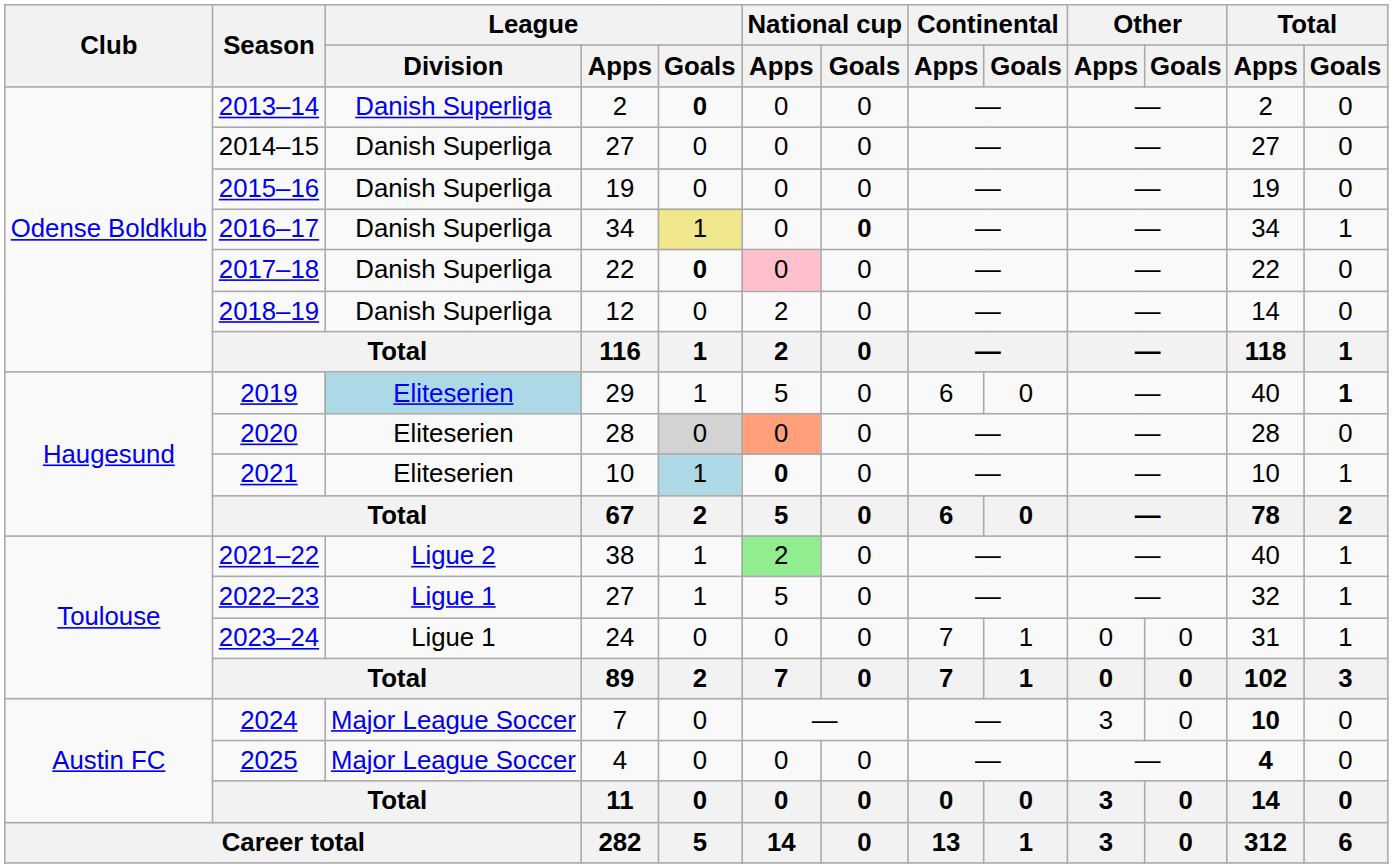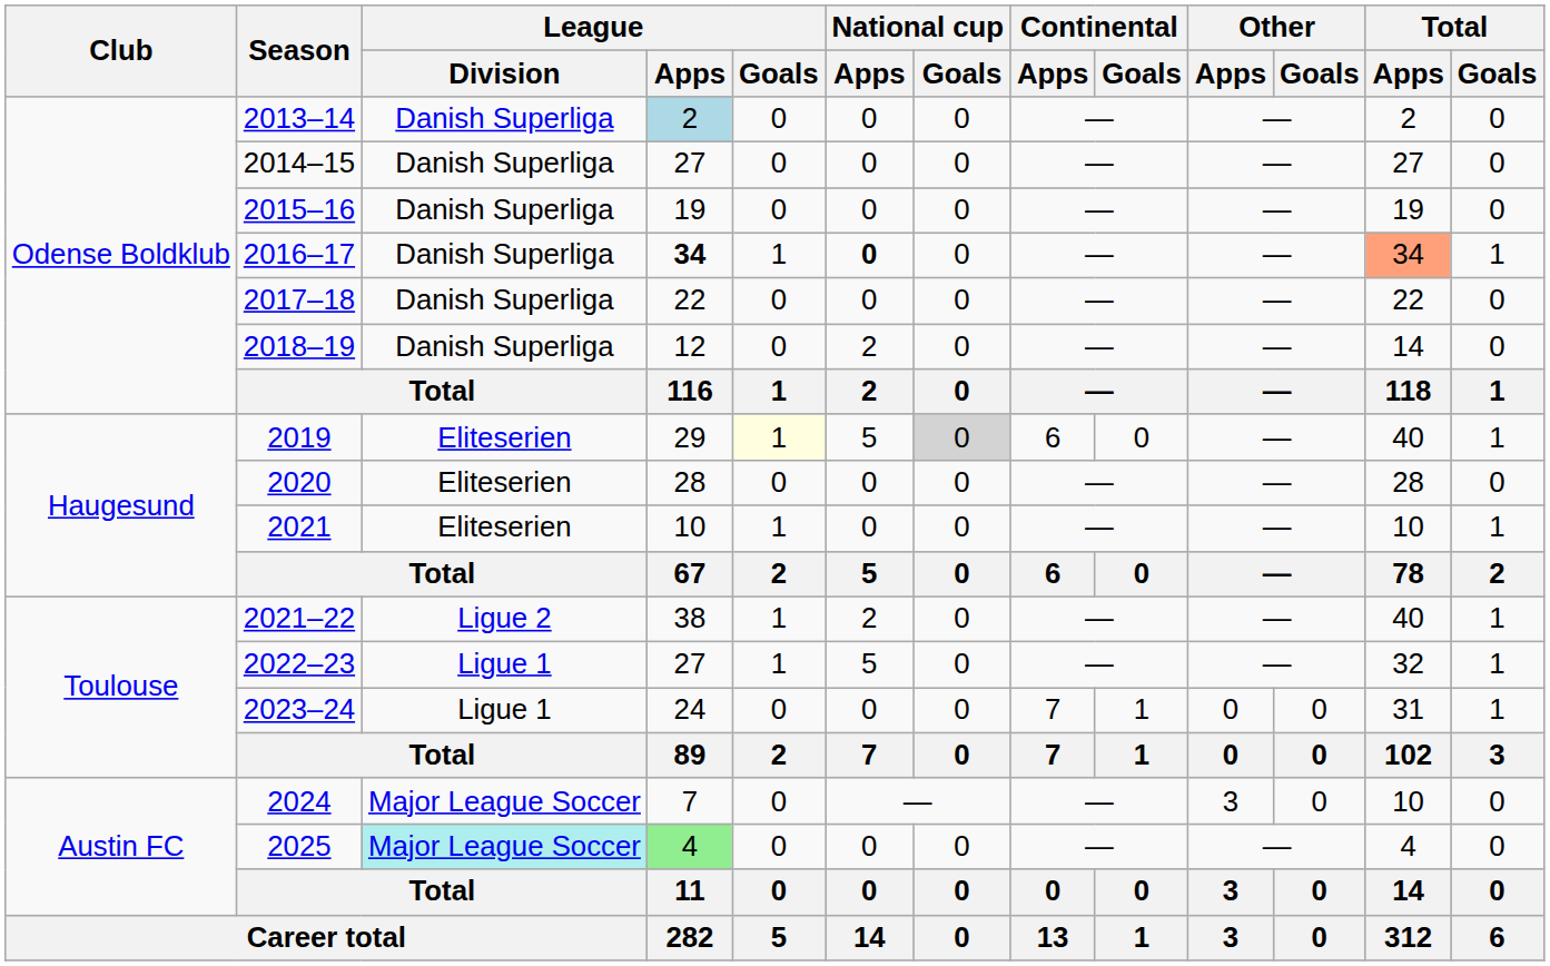 <table class="wikitable" style="text-align: center;">
 <tr>
 <th rowspan="2">Club</th>
 <th rowspan="2">Season</th>
 <th colspan="3">League</th>
 <th colspan="2">National cup</th>
 <th colspan="2">Continental</th>
 <th colspan="2">Other</th>
 <th colspan="2">Total</th>
 </tr>
 <tr>
 <th>Division</th>
 <th>Apps</th>
 <th>Goals</th>
 <th>Apps</th>
 <th>Goals</th>
 <th>Apps</th>
 <th>Goals</th>
 <th>Apps</th>
 <th>Goals</th>
 <th>Apps</th>
 <th>Goals</th>
 </tr>
 <tr>
 <td rowspan="7"><a href='#'>Odense Boldklub</a></td>
 <td><a href='#'>2013–14</a></td>
 <td><a href='#'>Danish Superliga</a></td>
-<td>2</td>
-<td><strong>0</strong></td>
+<td style="background: lightblue;">2</td>
+<td>0</td>
 <td>0</td>
 <td>0</td>
 <td colspan="2">—</td>
 <td colspan="2">—</td>
 <td>2</td>
 <td>0</td>
 </tr>
 <tr>
 <td>2014–15</td>
 <td>Danish Superliga</td>
 <td>27</td>
 <td>0</td>
 <td>0</td>
 <td>0</td>
 <td colspan="2">—</td>
 <td colspan="2">—</td>
 <td>27</td>
 <td>0</td>
 </tr>
 <tr>
 <td><a href='#'>2015–16</a></td>
 <td>Danish Superliga</td>
 <td>19</td>
 <td>0</td>
 <td>0</td>
 <td>0</td>
 <td colspan="2">—</td>
 <td colspan="2">—</td>
 <td>19</td>
 <td>0</td>
 </tr>
 <tr>
 <td><a href='#'>2016–17</a></td>
 <td>Danish Superliga</td>
-<td>34</td>
-<td style="background: khaki;">1</td>
+<td><strong>34</strong></td>
+<td>1</td>
+<td><strong>0</strong></td>
 <td>0</td>
-<td><strong>0</strong></td>
 <td colspan="2">—</td>
 <td colspan="2">—</td>
-<td>34</td>
+<td style="background: lightsalmon;">34</td>
 <td>1</td>
 </tr>
 <tr>
 <td><a href='#'>2017–18</a></td>
 <td>Danish Superliga</td>
 <td>22</td>
-<td><strong>0</strong></td>
-<td style="background: pink;">0</td>
+<td>0</td>
+<td>0</td>
 <td>0</td>
 <td colspan="2">—</td>
 <td colspan="2">—</td>
 <td>22</td>
 <td>0</td>
 </tr>
 <tr>
 <td><a href='#'>2018–19</a></td>
 <td>Danish Superliga</td>
 <td>12</td>
 <td>0</td>
 <td>2</td>
 <td>0</td>
 <td colspan="2">—</td>
 <td colspan="2">—</td>
 <td>14</td>
 <td>0</td>
 </tr>
 <tr>
 <th colspan="2">Total</th>
 <th>116</th>
 <th>1</th>
 <th>2</th>
 <th>0</th>
 <th colspan="2">—</th>
 <th colspan="2">—</th>
 <th>118</th>
 <th>1</th>
 </tr>
 <tr>
 <td rowspan="4"><a href='#'>Haugesund</a></td>
 <td><a href='#'>2019</a></td>
-<td style="background: lightblue;"><a href='#'>Eliteserien</a></td>
+<td><a href='#'>Eliteserien</a></td>
 <td>29</td>
-<td>1</td>
+<td style="background: lightyellow;">1</td>
 <td>5</td>
-<td>0</td>
+<td style="background: lightgrey;">0</td>
 <td>6</td>
 <td>0</td>
 <td colspan="2">—</td>
 <td>40</td>
-<td><strong>1</strong></td>
+<td>1</td>
 </tr>
 <tr>
 <td><a href='#'>2020</a></td>
 <td>Eliteserien</td>
 <td>28</td>
-<td style="background: lightgrey;">0</td>
-<td style="background: lightsalmon;">0</td>
+<td>0</td>
+<td>0</td>
 <td>0</td>
 <td colspan="2">—</td>
 <td colspan="2">—</td>
 <td>28</td>
 <td>0</td>
 </tr>
 <tr>
 <td><a href='#'>2021</a></td>
 <td>Eliteserien</td>
 <td>10</td>
-<td style="background: lightblue;">1</td>
-<td><strong>0</strong></td>
+<td>1</td>
+<td>0</td>
 <td>0</td>
 <td colspan="2">—</td>
 <td colspan="2">—</td>
 <td>10</td>
 <td>1</td>
 </tr>
 <tr>
 <th colspan="2">Total</th>
 <th>67</th>
 <th>2</th>
 <th>5</th>
 <th>0</th>
 <th>6</th>
 <th>0</th>
 <th colspan="2">—</th>
 <th>78</th>
 <th>2</th>
 </tr>
 <tr>
 <td rowspan="4"><a href='#'>Toulouse</a></td>
 <td><a href='#'>2021–22</a></td>
 <td><a href='#'>Ligue 2</a></td>
 <td>38</td>
 <td>1</td>
-<td style="background: lightgreen;">2</td>
+<td>2</td>
 <td>0</td>
 <td colspan="2">—</td>
 <td colspan="2">—</td>
 <td>40</td>
 <td>1</td>
 </tr>
 <tr>
 <td><a href='#'>2022–23</a></td>
 <td><a href='#'>Ligue 1</a></td>
 <td>27</td>
 <td>1</td>
 <td>5</td>
 <td>0</td>
 <td colspan="2">—</td>
 <td colspan="2">—</td>
 <td>32</td>
 <td>1</td>
 </tr>
 <tr>
 <td><a href='#'>2023–24</a></td>
 <td>Ligue 1</td>
 <td>24</td>
 <td>0</td>
 <td>0</td>
 <td>0</td>
 <td>7</td>
 <td>1</td>
 <td>0</td>
 <td>0</td>
 <td>31</td>
 <td>1</td>
 </tr>
 <tr>
 <th colspan="2">Total</th>
 <th>89</th>
 <th>2</th>
 <th>7</th>
 <th>0</th>
 <th>7</th>
 <th>1</th>
 <th>0</th>
 <th>0</th>
 <th>102</th>
 <th>3</th>
 </tr>
 <tr>
 <td rowspan=3><a href='#'>Austin FC</a></td>
 <td><a href='#'>2024</a></td>
 <td><a href='#'>Major League Soccer</a></td>
 <td>7</td>
 <td>0</td>
 <td colspan="2">—</td>
 <td colspan="2">—</td>
 <td>3</td>
 <td>0</td>
-<td><strong>10</strong></td>
+<td>10</td>
 <td>0</td>
 </tr>
 <tr>
 <td><a href='#'>2025</a></td>
-<td><a href='#'>Major League Soccer</a></td>
-<td>4</td>
+<td style="background: paleturquoise;"><a href='#'>Major League Soccer</a></td>
+<td style="background: lightgreen;">4</td>
 <td>0</td>
 <td>0</td>
 <td>0</td>
 <td colspan="2">—</td>
 <td colspan="2">—</td>
-<td><strong>4</strong></td>
+<td>4</td>
 <td>0</td>
 </tr>
 <tr>
 <th colspan="2">Total</th>
 <th>11</th>
 <th>0</th>
 <th>0</th>
 <th>0</th>
 <th>0</th>
 <th>0</th>
 <th>3</th>
 <th>0</th>
 <th>14</th>
 <th>0</th>
 </tr>
 <tr>
 <th colspan="3">Career total</th>
 <th>282</th>
 <th>5</th>
 <th>14</th>
 <th>0</th>
 <th>13</th>
 <th>1</th>
 <th>3</th>
 <th>0</th>
 <th>312</th>
 <th>6</th>
 </tr>
 </table>
